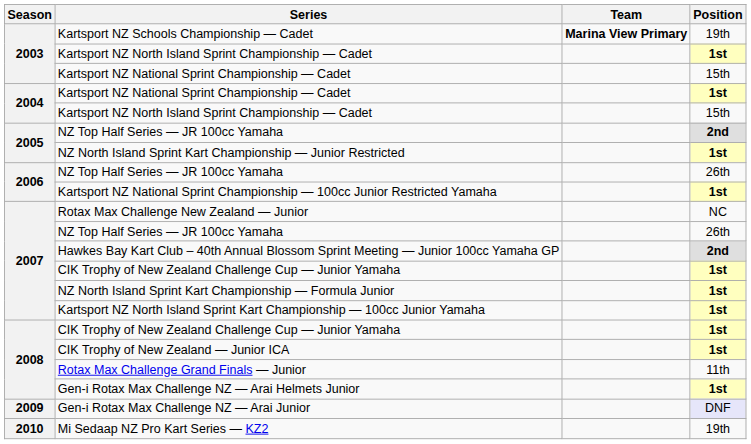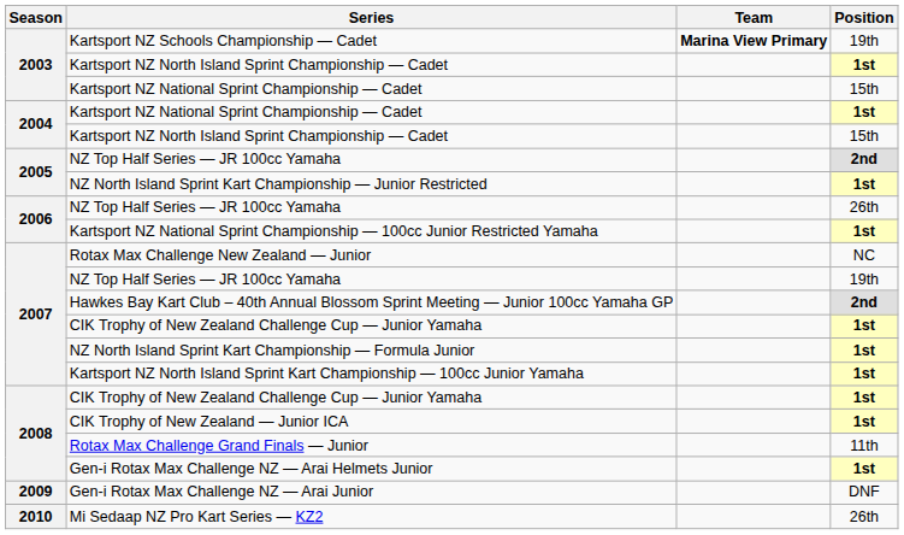 <table class="wikitable" style="font-size: 85%; text-align:center">
 <tr>
 <th>Season</th>
 <th>Series</th>
 <th>Team</th>
 <th>Position</th>
 </tr>
 <tr>
 <th rowspan="3">2003</th>
 <td align="left">Kartsport NZ Schools Championship — Cadet</td>
 <td align="left"><strong>Marina View Primary</strong></td>
 <td>19th</td>
 </tr>
 <tr>
 <td align="left">Kartsport NZ North Island Sprint Championship — Cadet</td>
 <td align="left"></td>
 <td style="background:#FFFFBF"><strong>1st</strong></td>
 </tr>
 <tr>
 <td align="left">Kartsport NZ National Sprint Championship — Cadet</td>
 <td align="left"></td>
 <td>15th</td>
 </tr>
 <tr>
 <th rowspan="2">2004</th>
 <td align="left">Kartsport NZ National Sprint Championship — Cadet</td>
 <td></td>
 <td style="background:#FFFFBF"><strong>1st</strong></td>
 </tr>
 <tr>
 <td align="left">Kartsport NZ North Island Sprint Championship — Cadet</td>
 <td align="left"></td>
 <td>15th</td>
 </tr>
 <tr>
 <th rowspan="2">2005</th>
 <td align="left">NZ Top Half Series — JR 100cc Yamaha</td>
 <td></td>
 <td style="background:#DFDFDF"><strong>2nd</strong></td>
 </tr>
 <tr>
 <td align="left">NZ North Island Sprint Kart Championship — Junior Restricted</td>
 <td align="left"></td>
 <td style="background:#FFFFBF"><strong>1st</strong></td>
 </tr>
 <tr>
 <th rowspan="2">2006</th>
 <td align="left">NZ Top Half Series — JR 100cc Yamaha</td>
 <td align="left"></td>
 <td>26th</td>
 </tr>
 <tr>
 <td align="left">Kartsport NZ National Sprint Championship — 100cc Junior Restricted Yamaha</td>
 <td align="left"></td>
 <td style="background:#FFFFBF"><strong>1st</strong></td>
 </tr>
 <tr>
 <th rowspan="6">2007</th>
 <td align="left">Rotax Max Challenge New Zealand — Junior</td>
 <td align="left"></td>
 <td>NC</td>
 </tr>
 <tr>
 <td align="left">NZ Top Half Series — JR 100cc Yamaha</td>
 <td align="left"></td>
-<td>26th</td>
+<td>19th</td>
 </tr>
 <tr>
 <td align="left">Hawkes Bay Kart Club – 40th Annual Blossom Sprint Meeting —  Junior 100cc Yamaha GP</td>
 <td align="left"></td>
 <td style="background:#DFDFDF"><strong>2nd</strong></td>
 </tr>
 <tr>
 <td align="left">CIK Trophy of New Zealand Challenge Cup — Junior Yamaha</td>
 <td align="left"></td>
 <td style="background:#FFFFBF"><strong>1st</strong></td>
 </tr>
 <tr>
 <td align="left">NZ North Island Sprint Kart Championship — Formula Junior</td>
 <td align="left"></td>
 <td style="background:#FFFFBF"><strong>1st</strong></td>
 </tr>
 <tr>
 <td align="left">Kartsport NZ North Island Sprint Kart Championship — 100cc Junior Yamaha</td>
 <td align="left"></td>
 <td style="background:#FFFFBF"><strong>1st</strong></td>
 </tr>
 <tr>
 <th rowspan="4">2008</th>
 <td align="left">CIK Trophy of New Zealand Challenge Cup — Junior Yamaha</td>
 <td align="left"></td>
 <td style="background:#FFFFBF"><strong>1st</strong></td>
 </tr>
 <tr>
 <td align="left">CIK Trophy of New Zealand — Junior ICA</td>
 <td align="left"></td>
 <td style="background:#FFFFBF"><strong>1st</strong></td>
 </tr>
 <tr>
 <td align="left"><a href='#'>Rotax Max Challenge Grand Finals</a> — Junior</td>
 <td align="left"></td>
 <td>11th</td>
 </tr>
 <tr>
 <td align="left">Gen-i Rotax Max Challenge NZ — Arai Helmets Junior</td>
 <td align="left"></td>
 <td style="background:#FFFFBF"><strong>1st</strong></td>
 </tr>
 <tr>
 <th>2009</th>
 <td align="left">Gen-i Rotax Max Challenge NZ — Arai Junior</td>
 <td align="left"></td>
-<td style="background: lavender;">DNF</td>
+<td>DNF</td>
 </tr>
 <tr>
 <th>2010</th>
 <td align="left">Mi Sedaap NZ Pro Kart Series — <a href='#'>KZ2</a></td>
 <td align="left"></td>
-<td>19th</td>
+<td>26th</td>
 </tr>
 </table>
